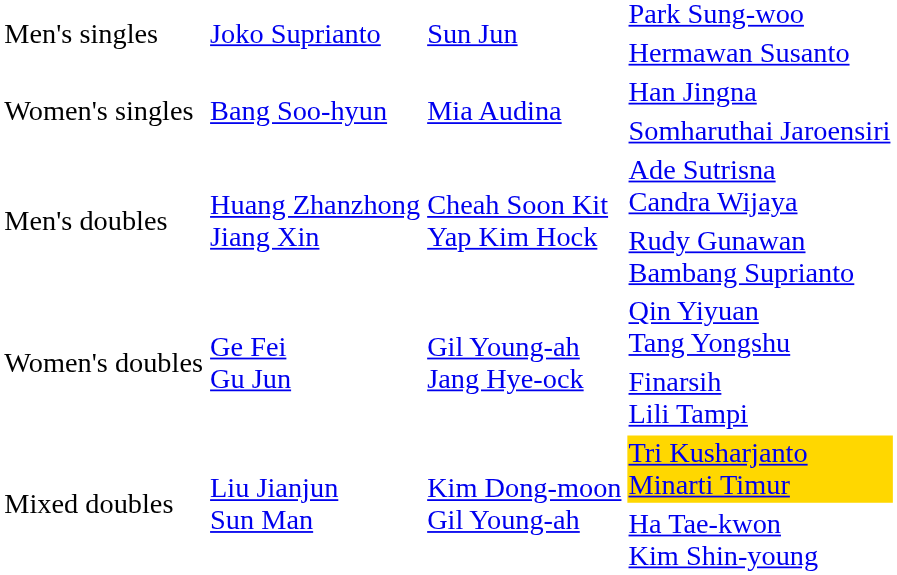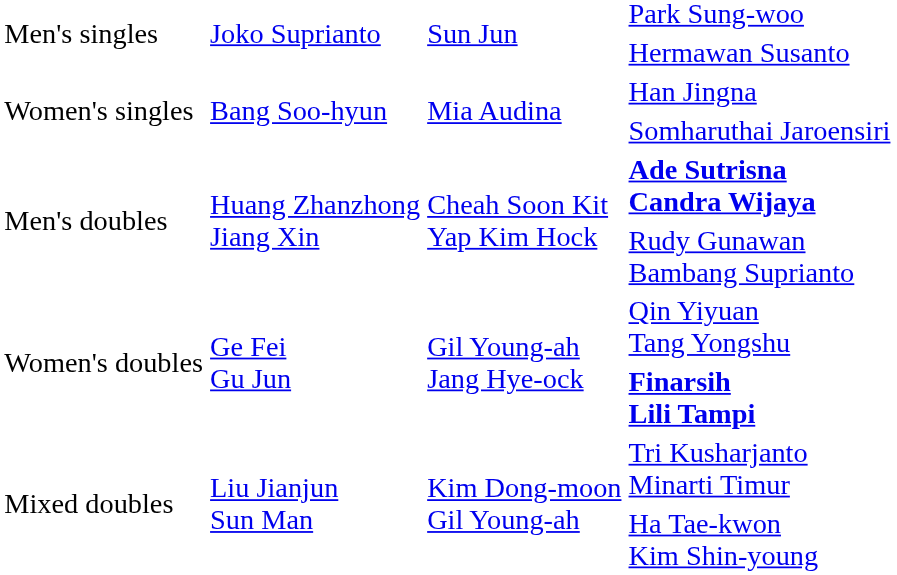 <table>
 <tr>
 <td rowspan=2>Men's singles</td>
 <td rowspan=2> <a href='#'>Joko Suprianto</a></td>
 <td rowspan=2> <a href='#'>Sun Jun</a></td>
 <td> <a href='#'>Park Sung-woo</a></td>
 </tr>
 <tr>
 <td> <a href='#'>Hermawan Susanto</a></td>
 </tr>
 <tr>
 <td rowspan=2>Women's singles</td>
 <td rowspan=2> <a href='#'>Bang Soo-hyun</a></td>
 <td rowspan=2> <a href='#'>Mia Audina</a></td>
 <td> <a href='#'>Han Jingna</a></td>
 </tr>
 <tr>
 <td> <a href='#'>Somharuthai Jaroensiri</a></td>
 </tr>
 <tr>
 <td rowspan=2>Men's doubles</td>
 <td rowspan=2> <a href='#'>Huang Zhanzhong</a><br> <a href='#'>Jiang Xin</a></td>
 <td rowspan=2> <a href='#'>Cheah Soon Kit</a><br> <a href='#'>Yap Kim Hock</a></td>
-<td> <a href='#'>Ade Sutrisna</a><br> <a href='#'>Candra Wijaya</a></td>
+<td><strong> <a href='#'>Ade Sutrisna</a><br> <a href='#'>Candra Wijaya</a></strong></td>
 </tr>
 <tr>
 <td> <a href='#'>Rudy Gunawan</a><br> <a href='#'>Bambang Suprianto</a></td>
 </tr>
 <tr>
 <td rowspan=2>Women's doubles</td>
 <td rowspan=2> <a href='#'>Ge Fei</a><br> <a href='#'>Gu Jun</a></td>
 <td rowspan=2> <a href='#'>Gil Young-ah</a><br> <a href='#'>Jang Hye-ock</a></td>
 <td> <a href='#'>Qin Yiyuan</a> <br> <a href='#'>Tang Yongshu</a></td>
 </tr>
 <tr>
-<td> <a href='#'>Finarsih</a><br> <a href='#'>Lili Tampi</a></td>
+<td><strong> <a href='#'>Finarsih</a><br> <a href='#'>Lili Tampi</a></strong></td>
 </tr>
 <tr>
 <td rowspan=2>Mixed doubles</td>
 <td rowspan=2> <a href='#'>Liu Jianjun</a><br> <a href='#'>Sun Man</a></td>
 <td rowspan=2> <a href='#'>Kim Dong-moon</a><br> <a href='#'>Gil Young-ah</a></td>
-<td style="background: gold;"> <a href='#'>Tri Kusharjanto</a><br> <a href='#'>Minarti Timur</a></td>
+<td> <a href='#'>Tri Kusharjanto</a><br> <a href='#'>Minarti Timur</a></td>
 </tr>
 <tr>
 <td> <a href='#'>Ha Tae-kwon</a><br> <a href='#'>Kim Shin-young</a></td>
 </tr>
 </table>
